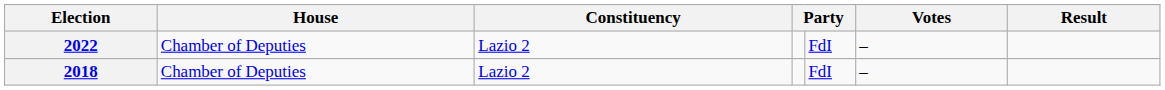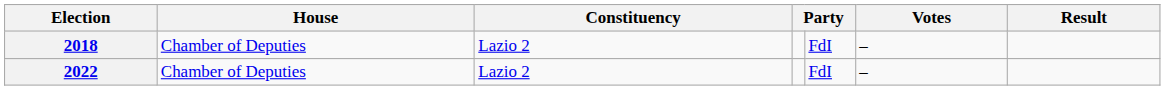 <table class="wikitable" style="width:55%; border:1px #AAAAFF solid">
 <tr>
 <th width="12%">Election</th>
 <th width="25%">House</th>
 <th width="25%">Constituency</th>
 <th width="5%" colspan="2">Party</th>
 <th width="12%">Votes</th>
 <th width="12%">Result</th>
 </tr>
 <tr>
+<th><a href='#'>2018</a></th>
+<td><a href='#'>Chamber of Deputies</a></td>
+<td><a href='#'>Lazio 2</a></td>
+<td></td>
+<td><a href='#'>FdI</a></td>
+<td>–</td>
+<td></td>
+</tr>
+<tr>
 <th><a href='#'>2022</a></th>
 <td><a href='#'>Chamber of Deputies</a></td>
 <td><a href='#'>Lazio 2</a></td>
 <td></td>
 <td><a href='#'>FdI</a></td>
 <td>–</td>
 <td></td>
 </tr>
-<tr>
-<th><a href='#'>2018</a></th>
-<td><a href='#'>Chamber of Deputies</a></td>
-<td><a href='#'>Lazio 2</a></td>
-<td></td>
-<td><a href='#'>FdI</a></td>
-<td>–</td>
-<td></td>
-</tr>
 </table>
